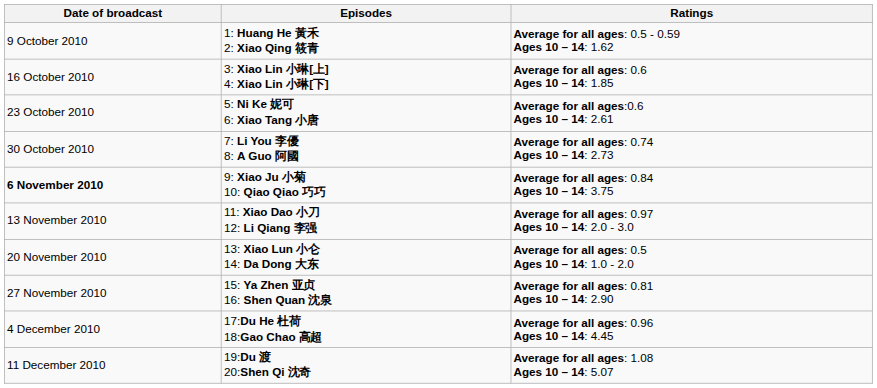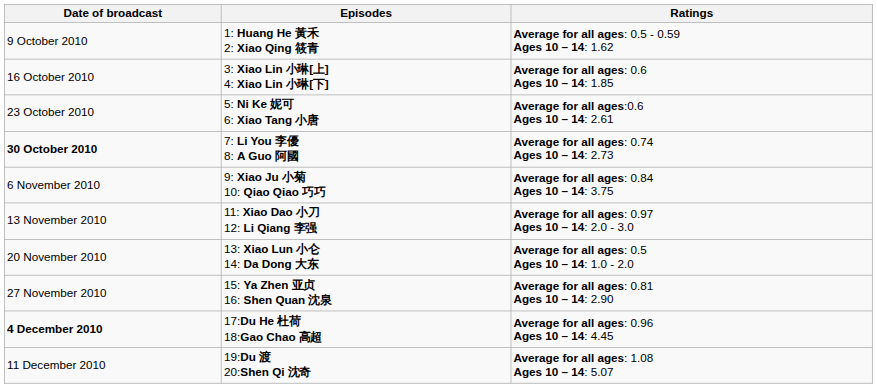 <table class="wikitable" width="60%">
 <tr>
 <th width="15%">Date of broadcast</th>
 <th width="20%">Episodes</th>
 <th width="25%">Ratings</th>
 </tr>
 <tr>
 <td>9 October 2010</td>
 <td>1: <strong>Huang He 黃禾</strong><br>2: <strong>Xiao Qing 筱青</strong></td>
 <td><strong>Average for all ages</strong>: 0.5 - 0.59<br><strong>Ages 10 – 14</strong>: 1.62</td>
 </tr>
 <tr>
 <td>16 October 2010</td>
 <td>3: <strong>Xiao Lin 小琳[上]</strong><br>4: <strong>Xiao Lin 小琳[下]</strong></td>
 <td><strong>Average for all ages</strong>: 0.6<br><strong>Ages 10 – 14</strong>: 1.85</td>
 </tr>
 <tr>
 <td>23 October 2010</td>
 <td>5: <strong>Ni Ke 妮可</strong><br>6: <strong>Xiao Tang 小唐</strong></td>
 <td><strong>Average for all ages</strong>:0.6<br><strong>Ages 10 – 14</strong>: 2.61</td>
 </tr>
 <tr>
-<td>30 October 2010</td>
+<td><strong>30 October 2010</strong></td>
 <td>7: <strong>Li You 李優</strong><br>8: <strong>A Guo 阿國</strong></td>
 <td><strong>Average for all ages</strong>: 0.74<br><strong>Ages 10 – 14</strong>: 2.73</td>
 </tr>
 <tr>
-<td><strong>6 November 2010</strong></td>
+<td>6 November 2010</td>
 <td>9: <strong>Xiao Ju 小菊</strong><br>10: <strong>Qiao Qiao 巧巧</strong></td>
 <td><strong>Average for all ages</strong>: 0.84<br><strong>Ages 10 – 14</strong>: 3.75</td>
 </tr>
 <tr>
 <td>13 November 2010</td>
 <td>11: <strong>Xiao Dao 小刀</strong><br>12: <strong>Li Qiang 李强</strong></td>
 <td><strong>Average for all ages</strong>: 0.97<br><strong>Ages 10 – 14</strong>: 2.0 - 3.0</td>
 </tr>
 <tr>
 <td>20 November 2010</td>
 <td>13: <strong>Xiao Lun 小仑</strong><br>14: <strong>Da Dong 大东</strong></td>
 <td><strong>Average for all ages</strong>: 0.5<br><strong>Ages 10 – 14</strong>: 1.0 - 2.0</td>
 </tr>
 <tr>
 <td>27 November 2010</td>
 <td>15: <strong>Ya Zhen 亚贞</strong><br>16: <strong>Shen Quan 沈泉</strong></td>
 <td><strong>Average for all ages</strong>: 0.81<br><strong>Ages 10 – 14</strong>: 2.90</td>
 </tr>
 <tr>
-<td>4 December 2010</td>
+<td><strong>4 December 2010</strong></td>
 <td>17:<strong>Du He 杜荷</strong><br>18:<strong>Gao Chao 高超</strong></td>
 <td><strong>Average for all ages</strong>: 0.96<br><strong>Ages 10 – 14</strong>: 4.45</td>
 </tr>
 <tr>
 <td>11 December 2010</td>
 <td>19:<strong>Du 渡</strong><br>20:<strong>Shen Qi 沈奇</strong></td>
 <td><strong>Average for all ages</strong>: 1.08<br><strong>Ages 10 – 14</strong>: 5.07</td>
 </tr>
 </table>
